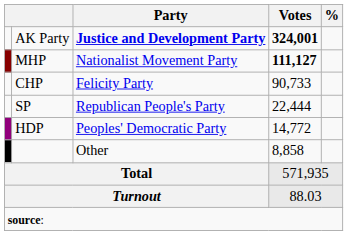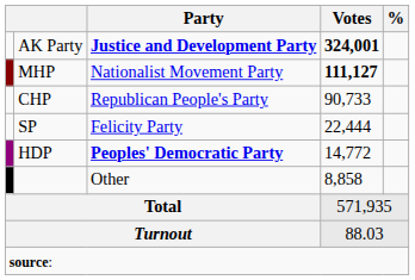 <table class="wikitable">
 <tr>
 <th colspan="2" align="center"></th>
 <th align="center">Party</th>
 <th align="center">Votes</th>
 <th align="center">%</th>
 </tr>
 <tr align="left">
 <td></td>
 <td>AK Party</td>
 <td><strong><a href='#'>Justice and Development Party</a></strong></td>
 <td><strong>324,001</strong></td>
 <td><strong></strong></td>
 </tr>
 <tr align="left">
 <td bgcolor="#870000" width="1"></td>
 <td>MHP</td>
 <td><a href='#'>Nationalist Movement Party</a></td>
 <td><strong>111,127</strong></td>
 <td></td>
 </tr>
 <tr align="left">
 <td></td>
 <td>CHP</td>
-<td><a href='#'>Felicity Party</a></td>
+<td><a href='#'>Republican People's Party</a></td>
 <td>90,733</td>
 <td></td>
 </tr>
 <tr align="left">
 <td></td>
 <td>SP</td>
-<td><a href='#'>Republican People's Party</a></td>
+<td><a href='#'>Felicity Party</a></td>
 <td>22,444</td>
 <td></td>
 </tr>
 <tr align="left">
 <td bgcolor="#91007B" width="1"></td>
 <td>HDP</td>
-<td><a href='#'>Peoples' Democratic Party</a></td>
+<td><strong><a href='#'>Peoples' Democratic Party</a></strong></td>
 <td>14,772</td>
 <td></td>
 </tr>
 <tr align="left">
 <td bgcolor=" " width="1"></td>
 <td></td>
 <td>Other</td>
 <td>8,858</td>
 <td></td>
 </tr>
 <tr align="left" style="background-color:#E9E9E9">
 <th colspan="3" align="center"><strong>Total</strong></th>
 <td colspan="5" align="center">571,935</td>
 </tr>
 <tr align="left" style="background-color:#E9E9E9">
 <th colspan="3" align="center"><em>Turnout</em></th>
 <td colspan="5" align="center">88.03</td>
 </tr>
 <tr>
 <td colspan="9" align="left"><small><strong>source</strong>: </small></td>
 </tr>
 </table>
